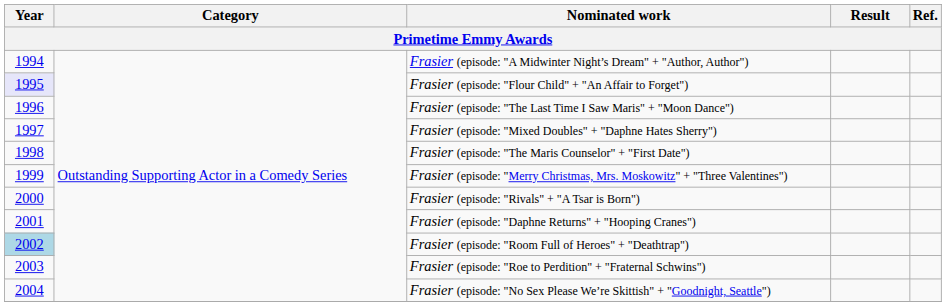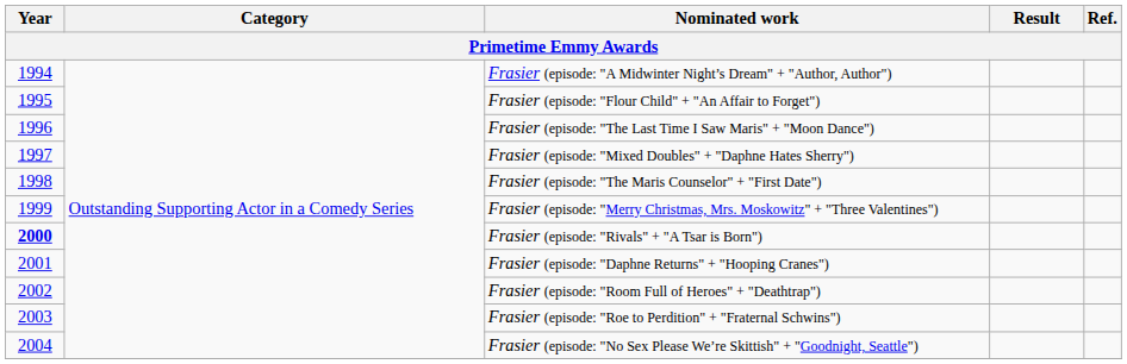 <table class="wikitable unsortable">
 <tr>
 <th scope="col" style="width:3em;">Year</th>
 <th scope="col" style="width:24em;">Category</th>
 <th scope="col" style="width:29em;">Nominated work</th>
 <th scope="col" style="width:5em;">Result</th>
 <th>Ref.</th>
 </tr>
 <tr>
 <th colspan=5><a href='#'>Primetime Emmy Awards</a></th>
 </tr>
 <tr>
 <td style="text-align:center;"><a href='#'>1994</a></td>
 <td rowspan=11><a href='#'>Outstanding Supporting Actor in a Comedy Series</a></td>
 <td><em><a href='#'>Frasier</a></em> <small> (episode: "A Midwinter Night’s Dream" + "Author, Author") </small></td>
 <td></td>
 <td></td>
 </tr>
 <tr>
-<td style="background: lavender; text-align:center;"><a href='#'>1995</a></td>
+<td style="text-align:center;"><a href='#'>1995</a></td>
 <td><em>Frasier</em> <small> (episode: "Flour Child" + "An Affair to Forget") </small></td>
 <td></td>
 <td></td>
 </tr>
 <tr>
 <td style="text-align:center;"><a href='#'>1996</a></td>
 <td><em>Frasier</em> <small> (episode: "The Last Time I Saw Maris" + "Moon Dance") </small></td>
 <td></td>
 <td></td>
 </tr>
 <tr>
 <td style="text-align:center;"><a href='#'>1997</a></td>
 <td><em>Frasier</em> <small> (episode: "Mixed Doubles" + "Daphne Hates Sherry") </small></td>
 <td></td>
 <td></td>
 </tr>
 <tr>
 <td style="text-align:center;"><a href='#'>1998</a></td>
 <td><em>Frasier</em> <small> (episode: "The Maris Counselor" + "First Date") </small></td>
 <td></td>
 <td></td>
 </tr>
 <tr>
 <td style="text-align:center;"><a href='#'>1999</a></td>
 <td><em>Frasier</em> <small> (episode: "<a href='#'>Merry Christmas, Mrs. Moskowitz</a>" + "Three Valentines") </small></td>
 <td></td>
 <td></td>
 </tr>
 <tr>
-<td style="text-align:center;"><a href='#'>2000</a></td>
+<td style="text-align:center;"><strong><a href='#'>2000</a></strong></td>
 <td><em>Frasier</em> <small> (episode: "Rivals" + "A Tsar is Born") </small></td>
 <td></td>
 <td></td>
 </tr>
 <tr>
 <td style="text-align:center;"><a href='#'>2001</a></td>
 <td><em>Frasier</em> <small> (episode: "Daphne Returns" + "Hooping Cranes") </small></td>
 <td></td>
 <td></td>
 </tr>
 <tr>
-<td style="background: lightblue; text-align:center;"><a href='#'>2002</a></td>
+<td style="text-align:center;"><a href='#'>2002</a></td>
 <td><em>Frasier</em> <small> (episode: "Room Full of Heroes" + "Deathtrap") </small></td>
 <td></td>
 <td></td>
 </tr>
 <tr>
 <td style="text-align:center;"><a href='#'>2003</a></td>
 <td><em>Frasier</em> <small> (episode: "Roe to Perdition" + "Fraternal Schwins") </small></td>
 <td></td>
 <td></td>
 </tr>
 <tr>
 <td style="text-align:center;"><a href='#'>2004</a></td>
 <td><em>Frasier</em> <small> (episode: "No Sex Please We’re Skittish" + "<a href='#'>Goodnight, Seattle</a>")</small></td>
 <td></td>
 <td></td>
 </tr>
 <tr>
 </tr>
 </table>
